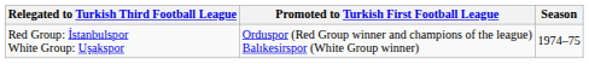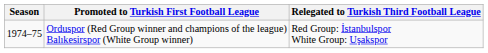 <table class="wikitable">
 <tr>
+<th>Season</th>
+<th>Promoted to <a href='#'>Turkish First Football League</a></th>
 <th>Relegated to <a href='#'>Turkish Third Football League</a></th>
-<th>Promoted to <a href='#'>Turkish First Football League</a></th>
-<th>Season</th>
 </tr>
 <tr>
+<td>1974–75</td>
+<td><a href='#'>Orduspor</a> (Red Group winner and champions of the league)<br><a href='#'>Balıkesirspor</a> (White Group winner)</td>
 <td>Red Group: <a href='#'>İstanbulspor</a><br>White Group: <a href='#'>Uşakspor</a></td>
-<td><a href='#'>Orduspor</a> (Red Group winner and champions of the league)<br><a href='#'>Balıkesirspor</a> (White Group winner)</td>
-<td>1974–75</td>
 </tr>
 </table>
